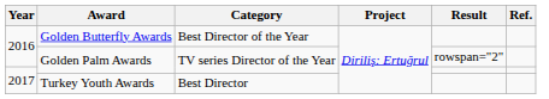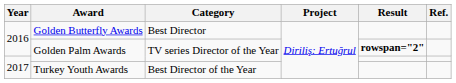 <table class="wikitable">
 <tr>
 <th>Year</th>
 <th>Award</th>
 <th>Category</th>
 <th>Project</th>
 <th>Result</th>
 <th>Ref.</th>
 </tr>
 <tr>
 <td rowspan="2">2016</td>
 <td><a href='#'>Golden Butterfly Awards</a></td>
-<td>Best Director of the Year</td>
+<td>Best Director</td>
 <td rowspan="4"><em><a href='#'>Diriliş: Ertuğrul</a></em></td>
 <td></td>
 <td style="text-align: center;"></td>
 </tr>
 <tr>
 <td rowspan="2">Golden Palm Awards</td>
 <td rowspan="2">TV series Director of the Year</td>
-<td>rowspan="2" </td>
+<td><strong>rowspan="2" </strong></td>
 <td style="text-align: center;"></td>
 </tr>
 <tr>
 <td rowspan="2">2017</td>
 <td style="text-align: center;"></td>
 </tr>
 <tr>
 <td>Turkey Youth Awards</td>
-<td>Best Director</td>
+<td>Best Director of the Year</td>
 <td></td>
 <td style="text-align: center;"></td>
 </tr>
 </table>
